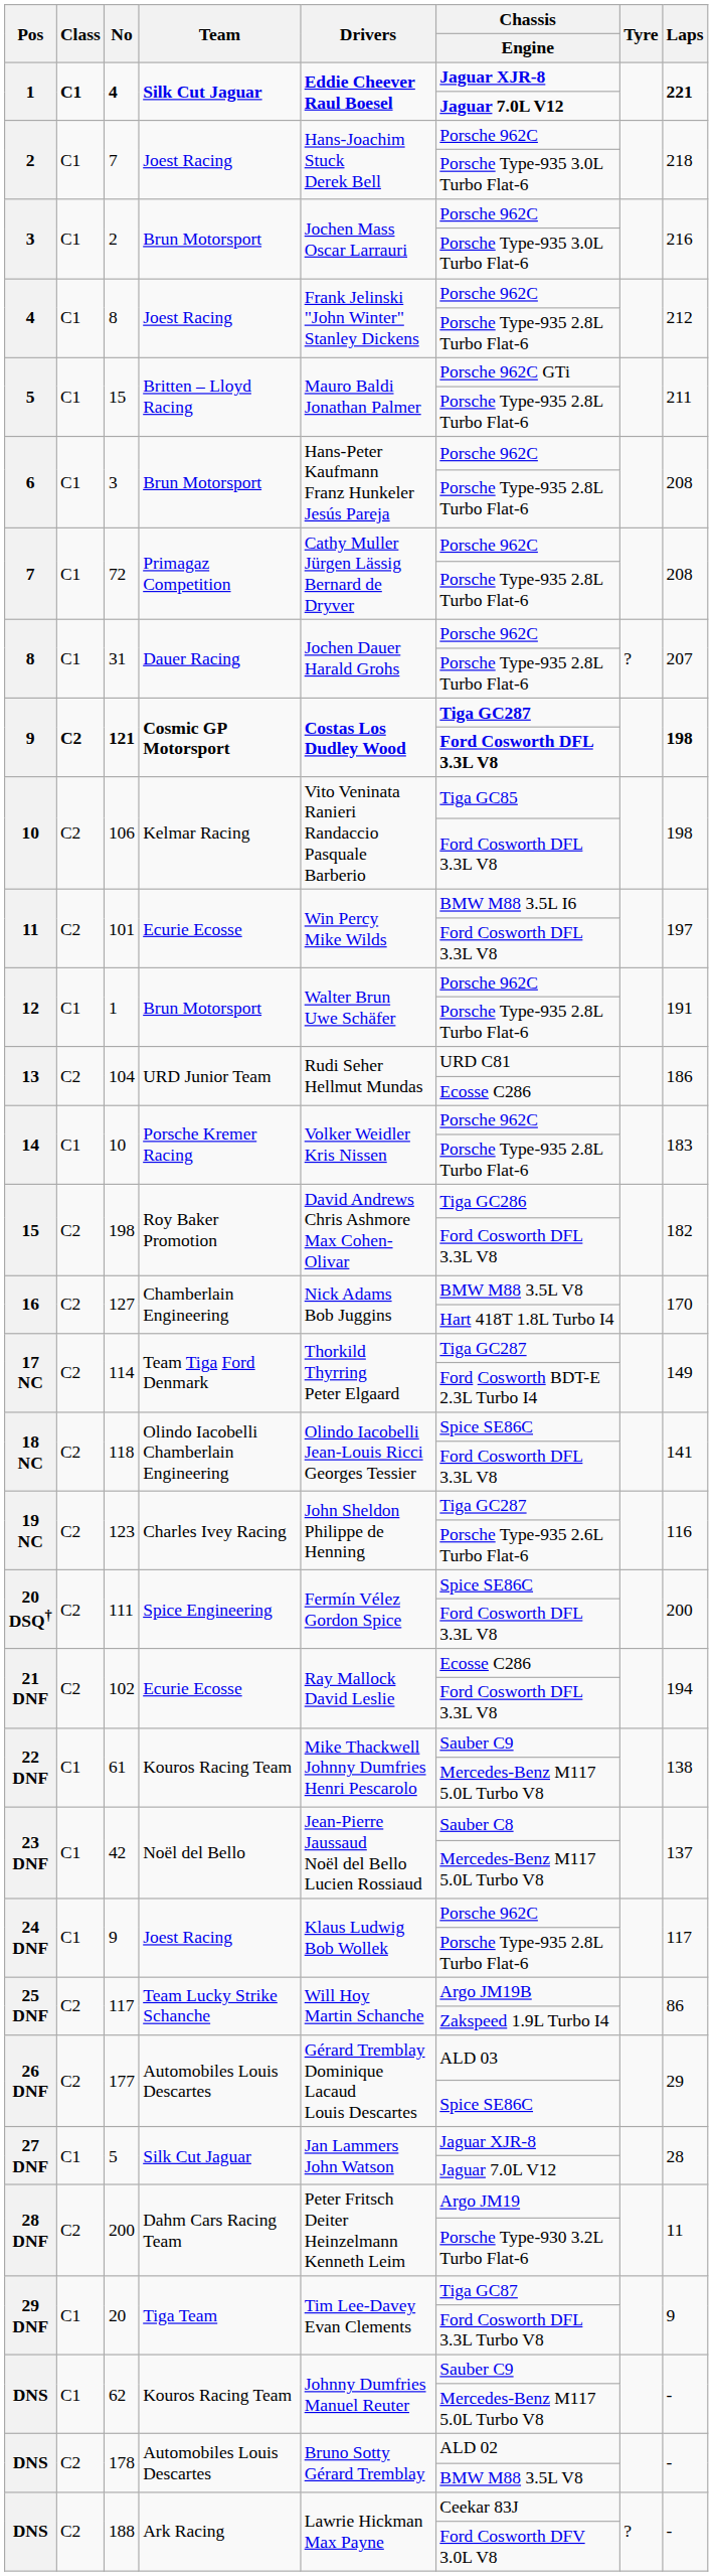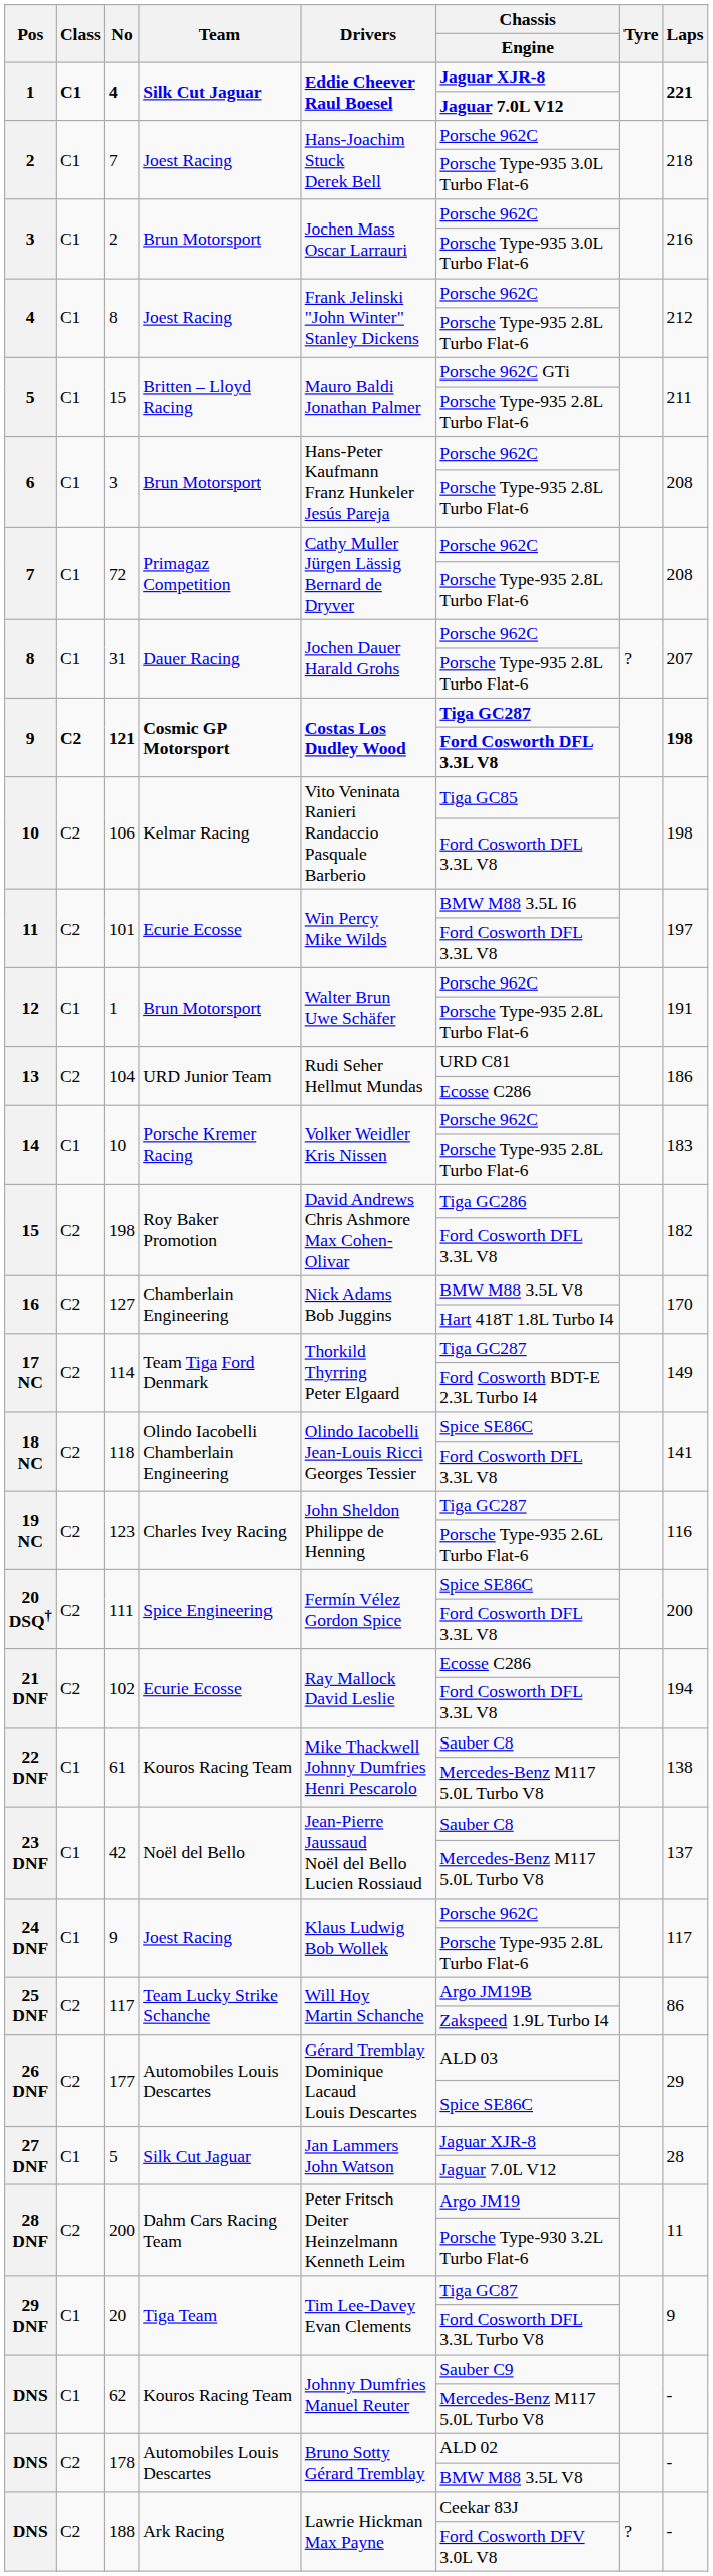 <table class="wikitable" style="font-size: 95%;">
 <tr>
 <th rowspan=2>Pos</th>
 <th rowspan=2>Class</th>
 <th rowspan=2>No</th>
 <th rowspan=2>Team</th>
 <th rowspan=2>Drivers</th>
 <th>Chassis</th>
 <th rowspan=2>Tyre</th>
 <th rowspan=2>Laps</th>
 </tr>
 <tr>
 <th>Engine</th>
 </tr>
 <tr style="font-weight:bold">
 <th rowspan=2>1</th>
 <td rowspan=2>C1</td>
 <td rowspan=2>4</td>
 <td rowspan=2> <a href='#'>Silk Cut Jaguar</a></td>
 <td rowspan=2> <a href='#'>Eddie Cheever</a><br> <a href='#'>Raul Boesel</a></td>
 <td><a href='#'>Jaguar XJR-8</a></td>
 <td rowspan=2></td>
 <td rowspan=2>221</td>
 </tr>
 <tr style="font-weight:bold">
 <td><a href='#'>Jaguar</a> 7.0L V12</td>
 </tr>
 <tr>
 <th rowspan=2>2</th>
 <td rowspan=2>C1</td>
 <td rowspan=2>7</td>
 <td rowspan=2> <a href='#'>Joest Racing</a></td>
 <td rowspan=2> <a href='#'>Hans-Joachim Stuck</a><br> <a href='#'>Derek Bell</a></td>
 <td><a href='#'>Porsche 962C</a></td>
 <td rowspan=2></td>
 <td rowspan=2>218</td>
 </tr>
 <tr>
 <td><a href='#'>Porsche</a> Type-935 3.0L Turbo Flat-6</td>
 </tr>
 <tr>
 <th rowspan=2>3</th>
 <td rowspan=2>C1</td>
 <td rowspan=2>2</td>
 <td rowspan=2> <a href='#'>Brun Motorsport</a></td>
 <td rowspan=2> <a href='#'>Jochen Mass</a><br> <a href='#'>Oscar Larrauri</a></td>
 <td><a href='#'>Porsche 962C</a></td>
 <td rowspan=2></td>
 <td rowspan=2>216</td>
 </tr>
 <tr>
 <td><a href='#'>Porsche</a> Type-935 3.0L Turbo Flat-6</td>
 </tr>
 <tr>
 <th rowspan=2>4</th>
 <td rowspan=2>C1</td>
 <td rowspan=2>8</td>
 <td rowspan=2> <a href='#'>Joest Racing</a></td>
 <td rowspan=2> <a href='#'>Frank Jelinski</a><br> <a href='#'>"John Winter"</a><br> <a href='#'>Stanley Dickens</a></td>
 <td><a href='#'>Porsche 962C</a></td>
 <td rowspan=2></td>
 <td rowspan=2>212</td>
 </tr>
 <tr>
 <td><a href='#'>Porsche</a> Type-935 2.8L Turbo Flat-6</td>
 </tr>
 <tr>
 <th rowspan=2>5</th>
 <td rowspan=2>C1</td>
 <td rowspan=2>15</td>
 <td rowspan=2> <a href='#'>Britten – Lloyd Racing</a></td>
 <td rowspan=2> <a href='#'>Mauro Baldi</a><br> <a href='#'>Jonathan Palmer</a></td>
 <td><a href='#'>Porsche 962C</a> GTi</td>
 <td rowspan=2></td>
 <td rowspan=2>211</td>
 </tr>
 <tr>
 <td><a href='#'>Porsche</a> Type-935 2.8L Turbo Flat-6</td>
 </tr>
 <tr>
 <th rowspan=2>6</th>
 <td rowspan=2>C1</td>
 <td rowspan=2>3</td>
 <td rowspan=2> <a href='#'>Brun Motorsport</a></td>
 <td rowspan=2> Hans-Peter Kaufmann<br> Franz Hunkeler<br> <a href='#'>Jesús Pareja</a></td>
 <td><a href='#'>Porsche 962C</a></td>
 <td rowspan=2></td>
 <td rowspan=2>208</td>
 </tr>
 <tr>
 <td><a href='#'>Porsche</a> Type-935 2.8L Turbo Flat-6</td>
 </tr>
 <tr>
 <th rowspan=2>7</th>
 <td rowspan=2>C1</td>
 <td rowspan=2>72</td>
 <td rowspan=2> <a href='#'>Primagaz Competition</a></td>
 <td rowspan=2> <a href='#'>Cathy Muller</a><br> <a href='#'>Jürgen Lässig</a><br> <a href='#'>Bernard de Dryver</a></td>
 <td><a href='#'>Porsche 962C</a></td>
 <td rowspan=2></td>
 <td rowspan=2>208</td>
 </tr>
 <tr>
 <td><a href='#'>Porsche</a> Type-935 2.8L Turbo Flat-6</td>
 </tr>
 <tr>
 <th rowspan=2>8</th>
 <td rowspan=2>C1</td>
 <td rowspan=2>31</td>
 <td rowspan=2> <a href='#'>Dauer Racing</a></td>
 <td rowspan=2> <a href='#'>Jochen Dauer</a><br> <a href='#'>Harald Grohs</a></td>
 <td><a href='#'>Porsche 962C</a></td>
 <td rowspan=2>?</td>
 <td rowspan=2>207</td>
 </tr>
 <tr>
 <td><a href='#'>Porsche</a> Type-935 2.8L Turbo Flat-6</td>
 </tr>
 <tr style="font-weight:bold">
 <th rowspan=2>9</th>
 <td rowspan=2>C2</td>
 <td rowspan=2>121</td>
 <td rowspan=2> Cosmic GP Motorsport</td>
 <td rowspan=2> <a href='#'>Costas Los</a><br> <a href='#'>Dudley Wood</a></td>
 <td><a href='#'>Tiga GC287</a></td>
 <td rowspan=2></td>
 <td rowspan=2>198</td>
 </tr>
 <tr style="font-weight:bold">
 <td><a href='#'>Ford Cosworth DFL</a> 3.3L V8</td>
 </tr>
 <tr>
 <th rowspan=2>10</th>
 <td rowspan=2>C2</td>
 <td rowspan=2>106</td>
 <td rowspan=2> Kelmar Racing</td>
 <td rowspan=2> Vito Veninata<br> Ranieri Randaccio<br> Pasquale Barberio</td>
 <td><a href='#'>Tiga GC85</a></td>
 <td rowspan=2></td>
 <td rowspan=2>198</td>
 </tr>
 <tr>
 <td><a href='#'>Ford Cosworth DFL</a> 3.3L V8</td>
 </tr>
 <tr>
 <th rowspan=2>11</th>
 <td rowspan=2>C2</td>
 <td rowspan=2>101</td>
 <td rowspan=2> <a href='#'>Ecurie Ecosse</a></td>
 <td rowspan=2> <a href='#'>Win Percy</a><br> <a href='#'>Mike Wilds</a></td>
 <td><a href='#'>BMW M88</a> 3.5L I6</td>
 <td rowspan=2></td>
 <td rowspan=2>197</td>
 </tr>
 <tr>
 <td><a href='#'>Ford Cosworth DFL</a> 3.3L V8</td>
 </tr>
 <tr>
 <th rowspan=2>12</th>
 <td rowspan=2>C1</td>
 <td rowspan=2>1</td>
 <td rowspan=2> <a href='#'>Brun Motorsport</a></td>
 <td rowspan=2> <a href='#'>Walter Brun</a><br> <a href='#'>Uwe Schäfer</a></td>
 <td><a href='#'>Porsche 962C</a></td>
 <td rowspan=2></td>
 <td rowspan=2>191</td>
 </tr>
 <tr>
 <td><a href='#'>Porsche</a> Type-935 2.8L Turbo Flat-6</td>
 </tr>
 <tr>
 <th rowspan=2>13</th>
 <td rowspan=2>C2</td>
 <td rowspan=2>104</td>
 <td rowspan=2> URD Junior Team</td>
 <td rowspan=2> Rudi Seher<br> Hellmut Mundas</td>
 <td>URD C81</td>
 <td rowspan=2></td>
 <td rowspan=2>186</td>
 </tr>
 <tr>
 <td><a href='#'>Ecosse</a> C286</td>
 </tr>
 <tr>
 <th rowspan=2>14</th>
 <td rowspan=2>C1</td>
 <td rowspan=2>10</td>
 <td rowspan=2> <a href='#'>Porsche Kremer Racing</a></td>
 <td rowspan=2> <a href='#'>Volker Weidler</a><br> <a href='#'>Kris Nissen</a></td>
 <td><a href='#'>Porsche 962C</a></td>
 <td rowspan=2></td>
 <td rowspan=2>183</td>
 </tr>
 <tr>
 <td><a href='#'>Porsche</a> Type-935 2.8L Turbo Flat-6</td>
 </tr>
 <tr>
 <th rowspan=2>15</th>
 <td rowspan=2>C2</td>
 <td rowspan=2>198</td>
 <td rowspan=2> Roy Baker Promotion</td>
 <td rowspan=2> <a href='#'>David Andrews</a><br> Chris Ashmore<br> <a href='#'>Max Cohen-Olivar</a></td>
 <td><a href='#'>Tiga GC286</a></td>
 <td rowspan=2></td>
 <td rowspan=2>182</td>
 </tr>
 <tr>
 <td><a href='#'>Ford Cosworth DFL</a> 3.3L V8</td>
 </tr>
 <tr>
 <th rowspan=2>16</th>
 <td rowspan=2>C2</td>
 <td rowspan=2>127</td>
 <td rowspan=2> Chamberlain Engineering</td>
 <td rowspan=2> <a href='#'>Nick Adams</a><br> Bob Juggins</td>
 <td><a href='#'>BMW M88</a> 3.5L V8</td>
 <td rowspan=2></td>
 <td rowspan=2>170</td>
 </tr>
 <tr>
 <td><a href='#'>Hart</a> 418T 1.8L Turbo I4</td>
 </tr>
 <tr>
 <th rowspan=2>17<br>NC</th>
 <td rowspan=2>C2</td>
 <td rowspan=2>114</td>
 <td rowspan=2> Team <a href='#'>Tiga</a> <a href='#'>Ford</a> Denmark</td>
 <td rowspan=2> <a href='#'>Thorkild Thyrring</a><br> Peter Elgaard</td>
 <td><a href='#'>Tiga GC287</a></td>
 <td rowspan=2></td>
 <td rowspan=2>149</td>
 </tr>
 <tr>
 <td><a href='#'>Ford</a> <a href='#'>Cosworth</a> BDT-E 2.3L Turbo I4</td>
 </tr>
 <tr>
 <th rowspan=2>18<br>NC</th>
 <td rowspan=2>C2</td>
 <td rowspan=2>118</td>
 <td rowspan=2> Olindo Iacobelli<br> Chamberlain Engineering</td>
 <td rowspan=2> <a href='#'>Olindo Iacobelli</a><br> <a href='#'>Jean-Louis Ricci</a><br> Georges Tessier</td>
 <td><a href='#'>Spice SE86C</a></td>
 <td rowspan=2></td>
 <td rowspan=2>141</td>
 </tr>
 <tr>
 <td><a href='#'>Ford Cosworth DFL</a> 3.3L V8</td>
 </tr>
 <tr>
 <th rowspan=2>19<br>NC</th>
 <td rowspan=2>C2</td>
 <td rowspan=2>123</td>
 <td rowspan=2> Charles Ivey Racing</td>
 <td rowspan=2> <a href='#'>John Sheldon</a><br> Philippe de Henning</td>
 <td><a href='#'>Tiga GC287</a></td>
 <td rowspan=2></td>
 <td rowspan=2>116</td>
 </tr>
 <tr>
 <td><a href='#'>Porsche</a> Type-935 2.6L Turbo Flat-6</td>
 </tr>
 <tr>
 <th rowspan=2>20<br>DSQ<sup>†</sup></th>
 <td rowspan=2>C2</td>
 <td rowspan=2>111</td>
 <td rowspan=2> <a href='#'>Spice Engineering</a></td>
 <td rowspan=2> <a href='#'>Fermín Vélez</a><br> <a href='#'>Gordon Spice</a></td>
 <td><a href='#'>Spice SE86C</a></td>
 <td rowspan=2></td>
 <td rowspan=2>200</td>
 </tr>
 <tr>
 <td><a href='#'>Ford Cosworth DFL</a> 3.3L V8</td>
 </tr>
 <tr>
 <th rowspan=2>21<br>DNF</th>
 <td rowspan=2>C2</td>
 <td rowspan=2>102</td>
 <td rowspan=2> <a href='#'>Ecurie Ecosse</a></td>
 <td rowspan=2> <a href='#'>Ray Mallock</a><br> <a href='#'>David Leslie</a></td>
 <td><a href='#'>Ecosse</a> C286</td>
 <td rowspan=2></td>
 <td rowspan=2>194</td>
 </tr>
 <tr>
 <td><a href='#'>Ford Cosworth DFL</a> 3.3L V8</td>
 </tr>
 <tr>
 <th rowspan=2>22<br>DNF</th>
 <td rowspan=2>C1</td>
 <td rowspan=2>61</td>
 <td rowspan=2> Kouros Racing Team</td>
 <td rowspan=2> <a href='#'>Mike Thackwell</a><br> <a href='#'>Johnny Dumfries</a><br> <a href='#'>Henri Pescarolo</a></td>
-<td><a href='#'>Sauber C9</a></td>
+<td><a href='#'>Sauber C8</a></td>
 <td rowspan=2></td>
 <td rowspan=2>138</td>
 </tr>
 <tr>
 <td><a href='#'>Mercedes-Benz</a> M117 5.0L Turbo V8</td>
 </tr>
 <tr>
 <th rowspan=2>23<br>DNF</th>
 <td rowspan=2>C1</td>
 <td rowspan=2>42</td>
 <td rowspan=2> Noël del Bello</td>
 <td rowspan=2> <a href='#'>Jean-Pierre Jaussaud</a><br> Noël del Bello<br> Lucien Rossiaud</td>
 <td><a href='#'>Sauber C8</a></td>
 <td rowspan=2></td>
 <td rowspan=2>137</td>
 </tr>
 <tr>
 <td><a href='#'>Mercedes-Benz</a> M117 5.0L Turbo V8</td>
 </tr>
 <tr>
 <th rowspan=2>24<br>DNF</th>
 <td rowspan=2>C1</td>
 <td rowspan=2>9</td>
 <td rowspan=2> <a href='#'>Joest Racing</a></td>
 <td rowspan=2> <a href='#'>Klaus Ludwig</a><br> <a href='#'>Bob Wollek</a></td>
 <td><a href='#'>Porsche 962C</a></td>
 <td rowspan=2></td>
 <td rowspan=2>117</td>
 </tr>
 <tr>
 <td><a href='#'>Porsche</a> Type-935 2.8L Turbo Flat-6</td>
 </tr>
 <tr>
 <th rowspan=2>25<br>DNF</th>
 <td rowspan=2>C2</td>
 <td rowspan=2>117</td>
 <td rowspan=2> <a href='#'>Team Lucky Strike Schanche</a></td>
 <td rowspan=2> <a href='#'>Will Hoy</a><br> <a href='#'>Martin Schanche</a></td>
 <td><a href='#'>Argo JM19B</a></td>
 <td rowspan=2></td>
 <td rowspan=2>86</td>
 </tr>
 <tr>
 <td><a href='#'>Zakspeed</a> 1.9L Turbo I4</td>
 </tr>
 <tr>
 <th rowspan=2>26<br>DNF</th>
 <td rowspan=2>C2</td>
 <td rowspan=2>177</td>
 <td rowspan=2> Automobiles Louis Descartes</td>
 <td rowspan=2> <a href='#'>Gérard Tremblay</a><br> Dominique Lacaud<br> Louis Descartes</td>
 <td>ALD 03</td>
 <td rowspan=2></td>
 <td rowspan=2>29</td>
 </tr>
 <tr>
 <td><a href='#'>Spice SE86C</a></td>
 </tr>
 <tr>
 <th rowspan=2>27<br>DNF</th>
 <td rowspan=2>C1</td>
 <td rowspan=2>5</td>
 <td rowspan=2> <a href='#'>Silk Cut Jaguar</a></td>
 <td rowspan=2> <a href='#'>Jan Lammers</a><br> <a href='#'>John Watson</a></td>
 <td><a href='#'>Jaguar XJR-8</a></td>
 <td rowspan=2></td>
 <td rowspan=2>28</td>
 </tr>
 <tr>
 <td><a href='#'>Jaguar</a> 7.0L V12</td>
 </tr>
 <tr>
 <th rowspan=2>28<br>DNF</th>
 <td rowspan=2>C2</td>
 <td rowspan=2>200</td>
 <td rowspan=2> Dahm Cars Racing Team</td>
 <td rowspan=2> Peter Fritsch<br> Deiter Heinzelmann<br> Kenneth Leim</td>
 <td><a href='#'>Argo JM19</a></td>
 <td rowspan=2></td>
 <td rowspan=2>11</td>
 </tr>
 <tr>
 <td><a href='#'>Porsche</a> Type-930 3.2L Turbo Flat-6</td>
 </tr>
 <tr>
 <th rowspan=2>29<br>DNF</th>
 <td rowspan=2>C1</td>
 <td rowspan=2>20</td>
 <td rowspan=2> <a href='#'>Tiga Team</a></td>
 <td rowspan=2> <a href='#'>Tim Lee-Davey</a><br> Evan Clements</td>
 <td><a href='#'>Tiga GC87</a></td>
 <td rowspan=2></td>
 <td rowspan=2>9</td>
 </tr>
 <tr>
 <td><a href='#'>Ford Cosworth DFL</a> 3.3L Turbo V8</td>
 </tr>
 <tr>
 <th rowspan=2>DNS</th>
 <td rowspan=2>C1</td>
 <td rowspan=2>62</td>
 <td rowspan=2> Kouros Racing Team</td>
 <td rowspan=2> <a href='#'>Johnny Dumfries</a><br> <a href='#'>Manuel Reuter</a></td>
 <td><a href='#'>Sauber C9</a></td>
 <td rowspan=2></td>
 <td rowspan=2>-</td>
 </tr>
 <tr>
 <td><a href='#'>Mercedes-Benz</a> M117 5.0L Turbo V8</td>
 </tr>
 <tr>
 <th rowspan=2>DNS</th>
 <td rowspan=2>C2</td>
 <td rowspan=2>178</td>
 <td rowspan=2> Automobiles Louis Descartes</td>
 <td rowspan=2> <a href='#'>Bruno Sotty</a><br> <a href='#'>Gérard Tremblay</a></td>
 <td>ALD 02</td>
 <td rowspan=2></td>
 <td rowspan=2>-</td>
 </tr>
 <tr>
 <td><a href='#'>BMW M88</a> 3.5L V8</td>
 </tr>
 <tr>
 <th rowspan=2>DNS</th>
 <td rowspan=2>C2</td>
 <td rowspan=2>188</td>
 <td rowspan=2> Ark Racing</td>
 <td rowspan=2> Lawrie Hickman<br> <a href='#'>Max Payne</a></td>
 <td>Ceekar 83J</td>
 <td rowspan=2>?</td>
 <td rowspan=2>-</td>
 </tr>
 <tr>
 <td><a href='#'>Ford Cosworth DFV</a> 3.0L V8</td>
 </tr>
 </table>
